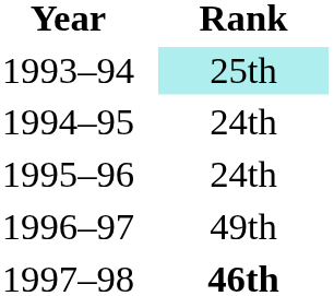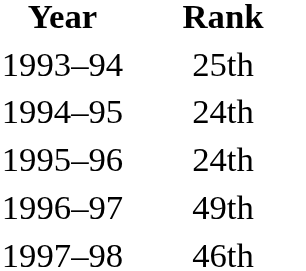 <table style="border:'1' 'solid' 'black'; width:150px;">
 <tr style="text-align:center;">
 <th style="width:64px; ">Year</th>
 <th style="width:64px; ">Rank</th>
 </tr>
 <tr style="text-align:center;">
 <td style="width:64px;">1993–94</td>
-<td style="background: paleturquoise; width:64px;">25th</td>
+<td style="width:64px;">25th</td>
 </tr>
 <tr style="text-align:center;">
 <td style="width:64px;">1994–95</td>
 <td style="width:64px;">24th</td>
 </tr>
 <tr style="text-align:center;">
 <td style="width:64px;">1995–96</td>
 <td style="width:64px;">24th</td>
 </tr>
 <tr style="text-align:center;">
 <td style="width:64px;">1996–97</td>
 <td style="width:64px;">49th</td>
 </tr>
 <tr style="text-align:center;">
 <td style="width:64px;">1997–98</td>
-<td style="width:64px;"><strong>46th</strong></td>
+<td style="width:64px;">46th</td>
 </tr>
 </table>
